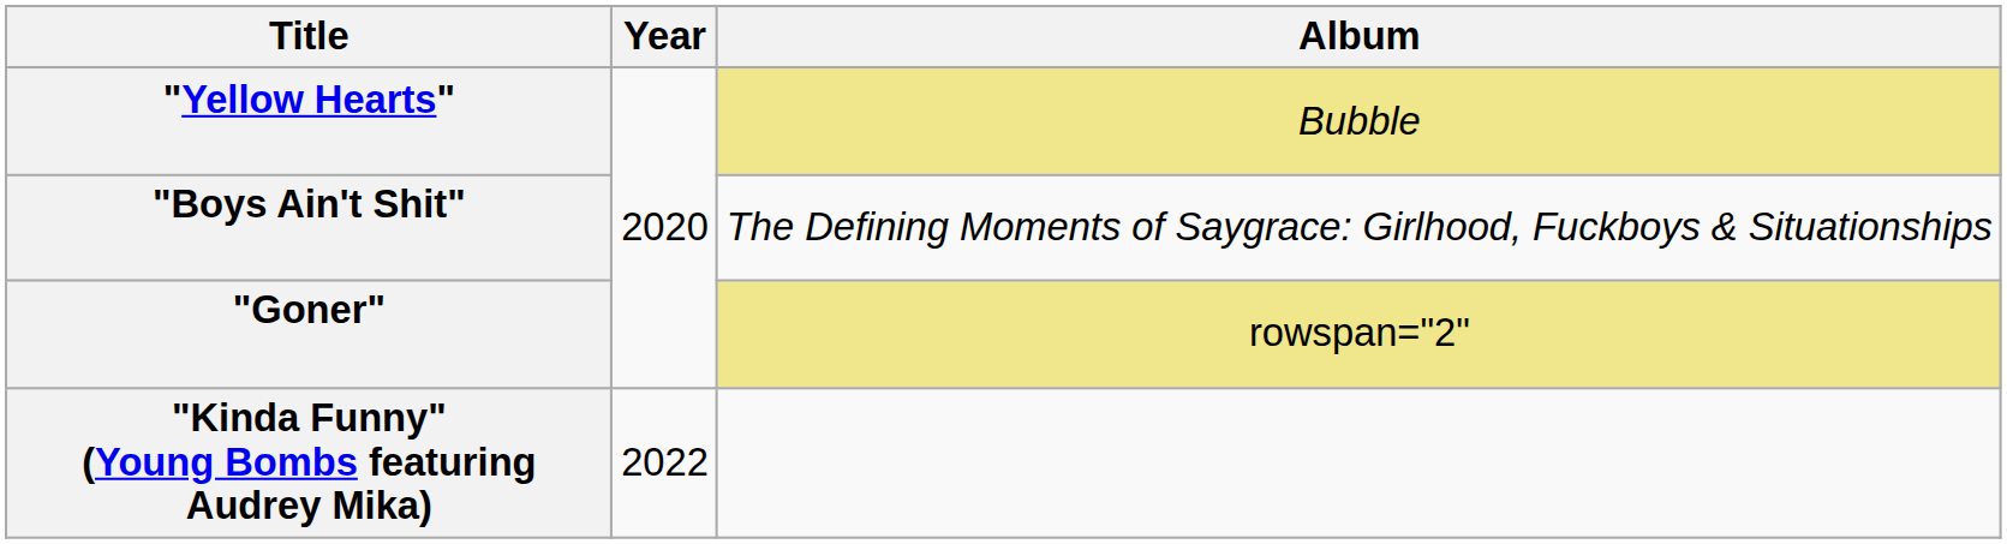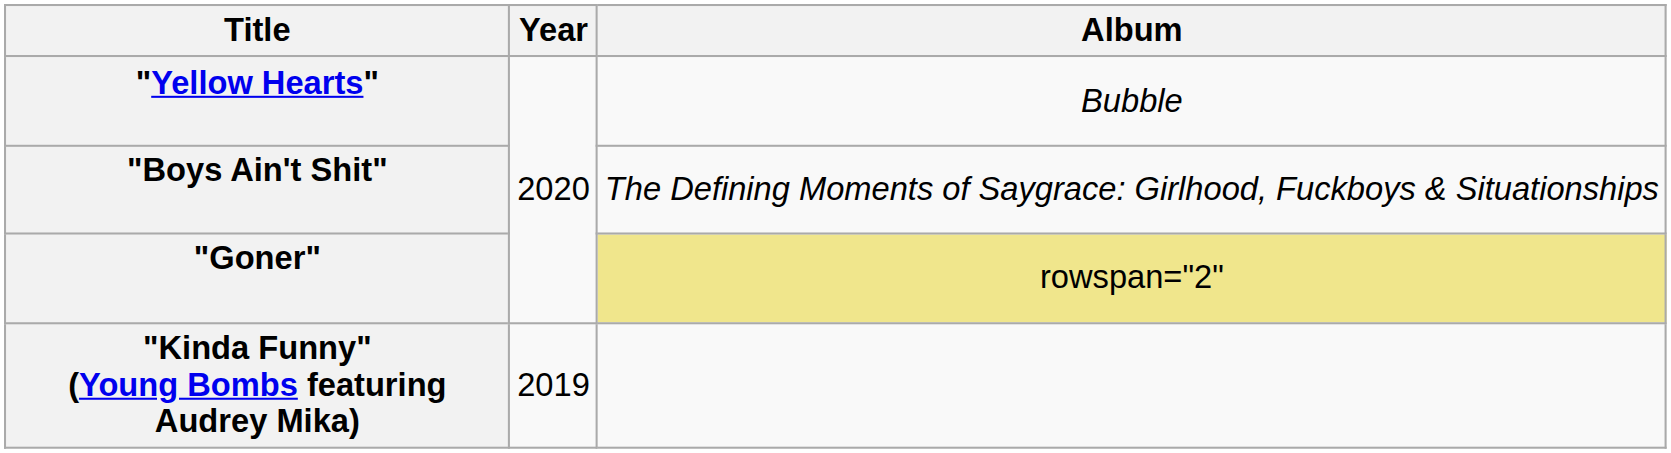 <table class="wikitable plainrowheaders" style="text-align:center;">
 <tr>
 <th scope="col" style="width:15em;">Title</th>
 <th scope="col">Year</th>
 <th scope="col">Album</th>
 </tr>
 <tr>
 <th scope="row">"<a href='#'>Yellow Hearts</a>"<br><br></th>
 <td rowspan="3">2020</td>
-<td style="background: khaki;"><em>Bubble</em></td>
+<td><em>Bubble</em></td>
 </tr>
 <tr>
 <th scope="row">"Boys Ain't Shit"<br><br></th>
 <td><em>The Defining Moments of Saygrace: Girlhood, Fuckboys & Situationships</em></td>
 </tr>
 <tr>
 <th scope="row">"Goner"<br><br></th>
 <td style="background: khaki;">rowspan="2" </td>
 </tr>
 <tr>
 <th scope="row">"Kinda Funny" <br><span>(<a href='#'>Young Bombs</a> featuring Audrey Mika)</span></th>
-<td>2022</td>
+<td>2019</td>
 </tr>
 </table>
